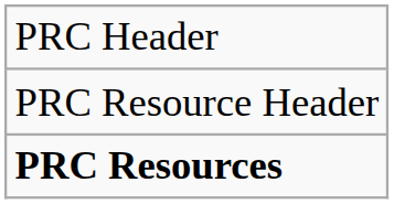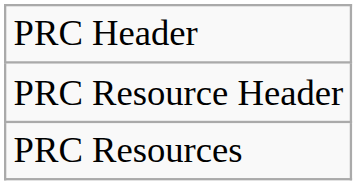 <table class="wikitable" border="1">
 <tr>
 <td>PRC Header</td>
 </tr>
 <tr>
 <td>PRC Resource Header</td>
 </tr>
 <tr>
-<td><strong>PRC Resources</strong></td>
+<td>PRC Resources</td>
 </tr>
 </table>
